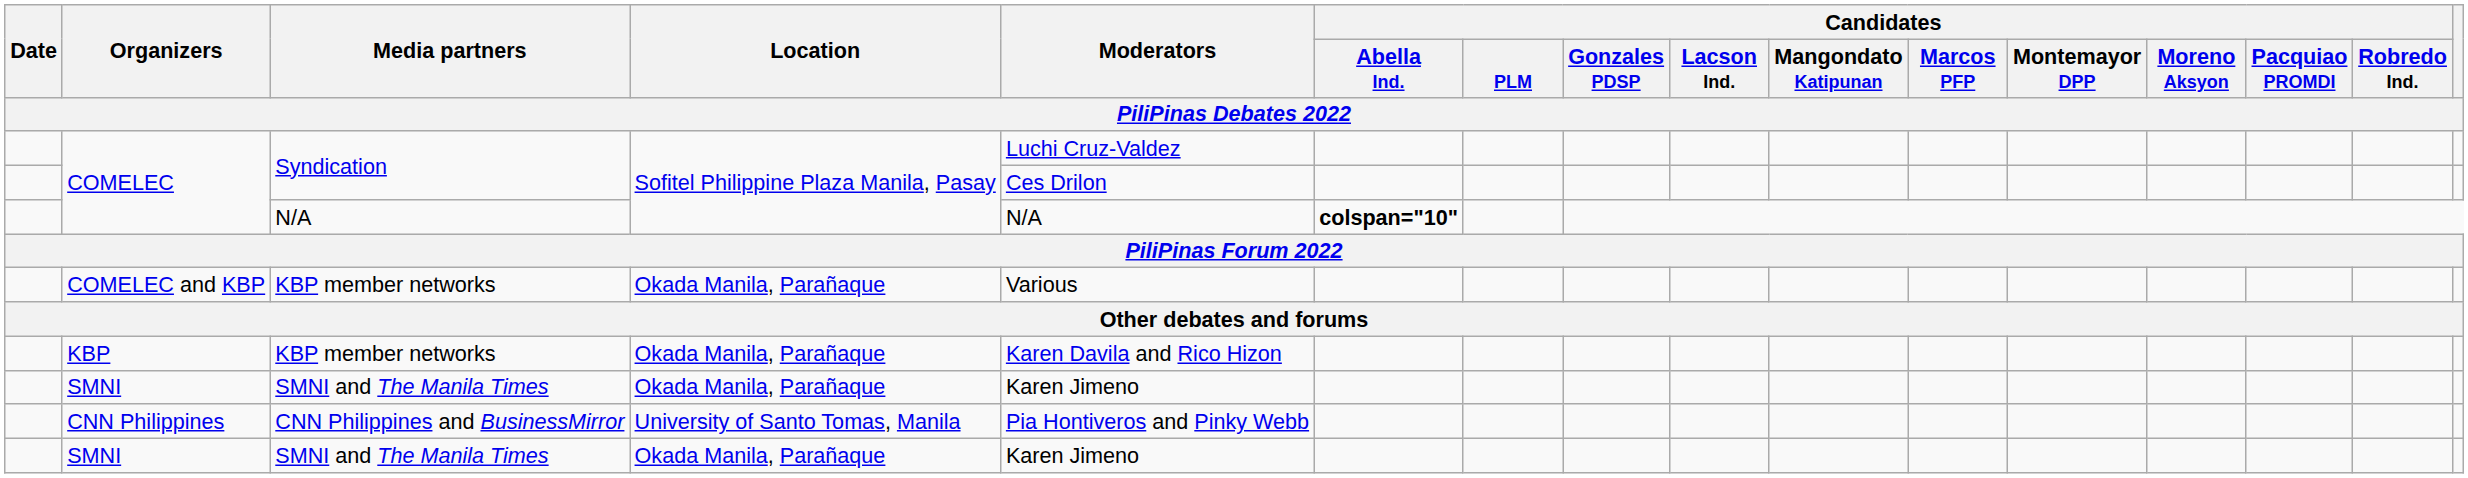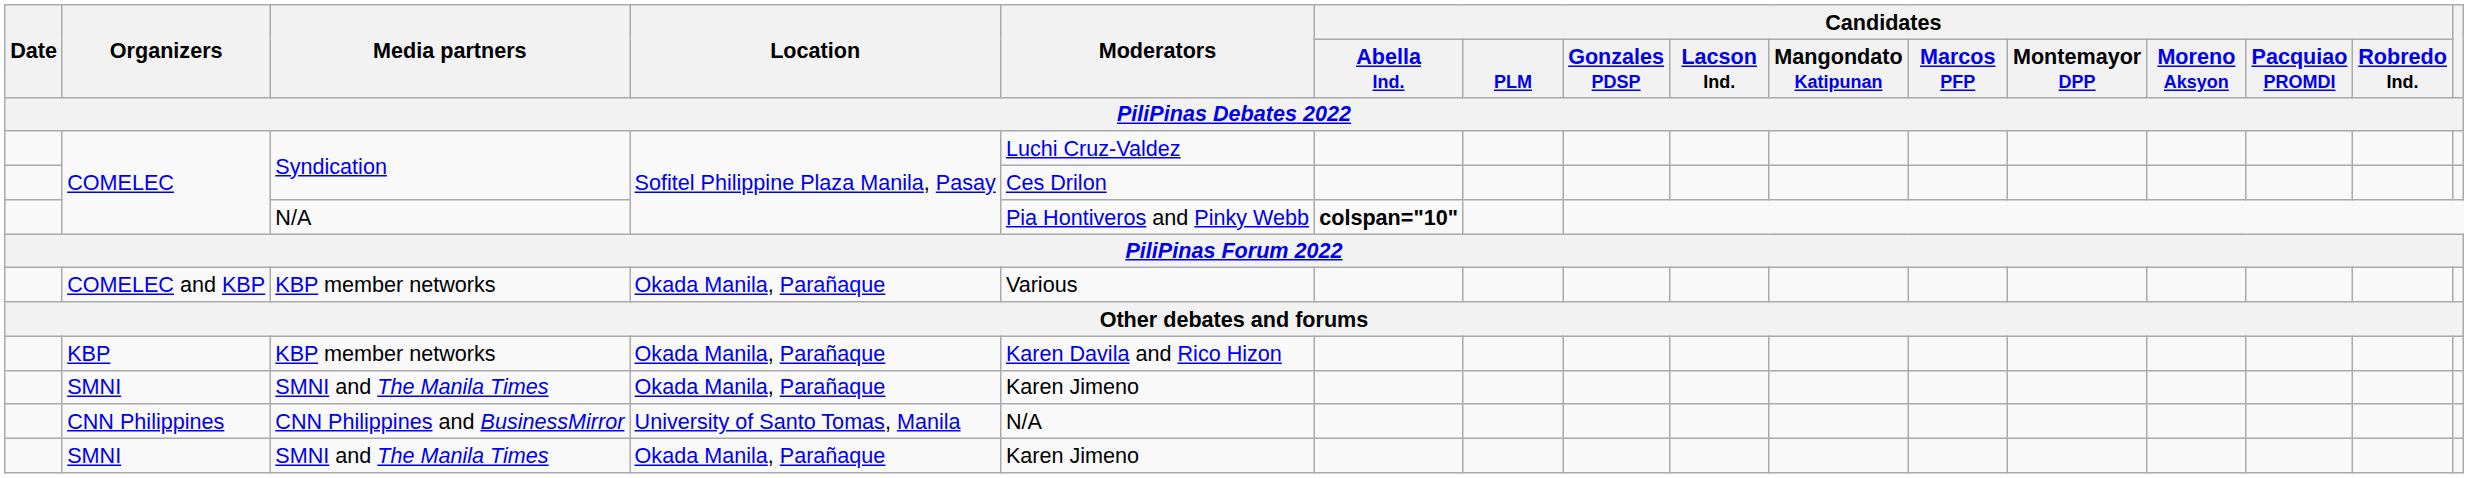 <table class="wikitable" style="margin-left: auto; margin-right: auto; border: none;font-size:90%;">
 <tr>
 <th rowspan="2">Date</th>
 <th rowspan="2">Organizers</th>
 <th rowspan="2">Media partners</th>
 <th rowspan="2">Location</th>
 <th rowspan="2">Moderators</th>
 <th colspan="10">Candidates</th>
 <th rowspan="2"></th>
 </tr>
 <tr>
 <th style="width:60px;"><a href='#'>Abella</a><br><small><a href='#'>Ind.</a></small></th>
 <th style="width:60px;"><br><small><a href='#'>PLM</a></small></th>
 <th style="width:60px;"><a href='#'>Gonzales</a><br><small><a href='#'>PDSP</a></small></th>
 <th style="width:60px;"><a href='#'>Lacson</a><br><small>Ind.</small></th>
 <th style="width:60px;">Mangondato<br><small><a href='#'>Katipunan</a></small></th>
 <th style="width:60px;"><a href='#'>Marcos</a><br><small><a href='#'>PFP</a></small></th>
 <th style="width:60px;">Montemayor<br><small><a href='#'>DPP</a></small></th>
 <th style="width:60px;"><a href='#'>Moreno</a><br><small><a href='#'>Aksyon</a></small></th>
 <th style="width:60px;"><a href='#'>Pacquiao</a><br><small><a href='#'>PROMDI</a></small></th>
 <th style="width:60px;"><a href='#'>Robredo</a><br><small>Ind.</small></th>
 </tr>
 <tr>
 <th colspan="16"><em><a href='#'>PiliPinas Debates 2022</a></em></th>
 </tr>
 <tr>
 <td></td>
 <td rowspan="3"><a href='#'>COMELEC</a></td>
 <td rowspan="2"><a href='#'>Syndication</a></td>
 <td rowspan="3"><a href='#'>Sofitel Philippine Plaza Manila</a>, <a href='#'>Pasay</a></td>
 <td><a href='#'>Luchi Cruz-Valdez</a></td>
 <td></td>
 <td></td>
 <td></td>
 <td></td>
 <td></td>
 <td></td>
 <td></td>
 <td></td>
 <td></td>
 <td></td>
 <td style="text-align:center;"></td>
 </tr>
 <tr>
 <td></td>
 <td><a href='#'>Ces Drilon</a></td>
 <td></td>
 <td></td>
 <td></td>
 <td></td>
 <td></td>
 <td></td>
 <td></td>
 <td></td>
 <td></td>
 <td></td>
 <td style="text-align:center;"></td>
 </tr>
 <tr>
 <td></td>
 <td>N/A</td>
-<td>N/A</td>
+<td><a href='#'>Pia Hontiveros</a> and <a href='#'>Pinky Webb</a></td>
 <td><strong>colspan="10" </strong></td>
 <td style="text-align:center;"></td>
 </tr>
 <tr>
 <th colspan="16"><em><a href='#'>PiliPinas Forum 2022</a></em></th>
 </tr>
 <tr>
 <td></td>
 <td><a href='#'>COMELEC</a> and <a href='#'>KBP</a></td>
 <td><a href='#'>KBP</a> member networks</td>
 <td><a href='#'>Okada Manila</a>, <a href='#'>Parañaque</a></td>
 <td>Various</td>
 <td></td>
 <td></td>
 <td></td>
 <td></td>
 <td></td>
 <td></td>
 <td></td>
 <td></td>
 <td></td>
 <td></td>
 <td style="text-align:center;"></td>
 </tr>
 <tr>
 <th colspan="16">Other debates and forums</th>
 </tr>
 <tr>
 <td></td>
 <td><a href='#'>KBP</a></td>
 <td><a href='#'>KBP</a> member networks</td>
 <td><a href='#'>Okada Manila</a>, <a href='#'>Parañaque</a></td>
 <td><a href='#'>Karen Davila</a> and <a href='#'>Rico Hizon</a></td>
 <td></td>
 <td></td>
 <td></td>
 <td></td>
 <td></td>
 <td></td>
 <td></td>
 <td></td>
 <td></td>
 <td></td>
 <td style="text-align:center;"></td>
 </tr>
 <tr>
 <td></td>
 <td><a href='#'>SMNI</a></td>
 <td><a href='#'>SMNI</a> and <em><a href='#'>The Manila Times</a></em></td>
 <td><a href='#'>Okada Manila</a>, <a href='#'>Parañaque</a></td>
 <td>Karen Jimeno</td>
 <td></td>
 <td></td>
 <td></td>
 <td></td>
 <td></td>
 <td></td>
 <td></td>
 <td></td>
 <td></td>
 <td></td>
 <td style="text-align:center;"></td>
 </tr>
 <tr>
 <td></td>
 <td><a href='#'>CNN Philippines</a></td>
 <td><a href='#'>CNN Philippines</a> and <em><a href='#'>BusinessMirror</a></em></td>
 <td><a href='#'>University of Santo Tomas</a>, <a href='#'>Manila</a></td>
-<td><a href='#'>Pia Hontiveros</a> and <a href='#'>Pinky Webb</a></td>
+<td>N/A</td>
 <td></td>
 <td></td>
 <td></td>
 <td></td>
 <td></td>
 <td></td>
 <td></td>
 <td></td>
 <td></td>
 <td></td>
 <td style="text-align:center;"></td>
 </tr>
 <tr>
 <td></td>
 <td><a href='#'>SMNI</a></td>
 <td><a href='#'>SMNI</a> and <em><a href='#'>The Manila Times</a></em></td>
 <td><a href='#'>Okada Manila</a>, <a href='#'>Parañaque</a></td>
 <td>Karen Jimeno</td>
 <td></td>
 <td></td>
 <td></td>
 <td></td>
 <td></td>
 <td></td>
 <td></td>
 <td></td>
 <td></td>
 <td></td>
 <td style="text-align:center;"></td>
 </tr>
 </table>
